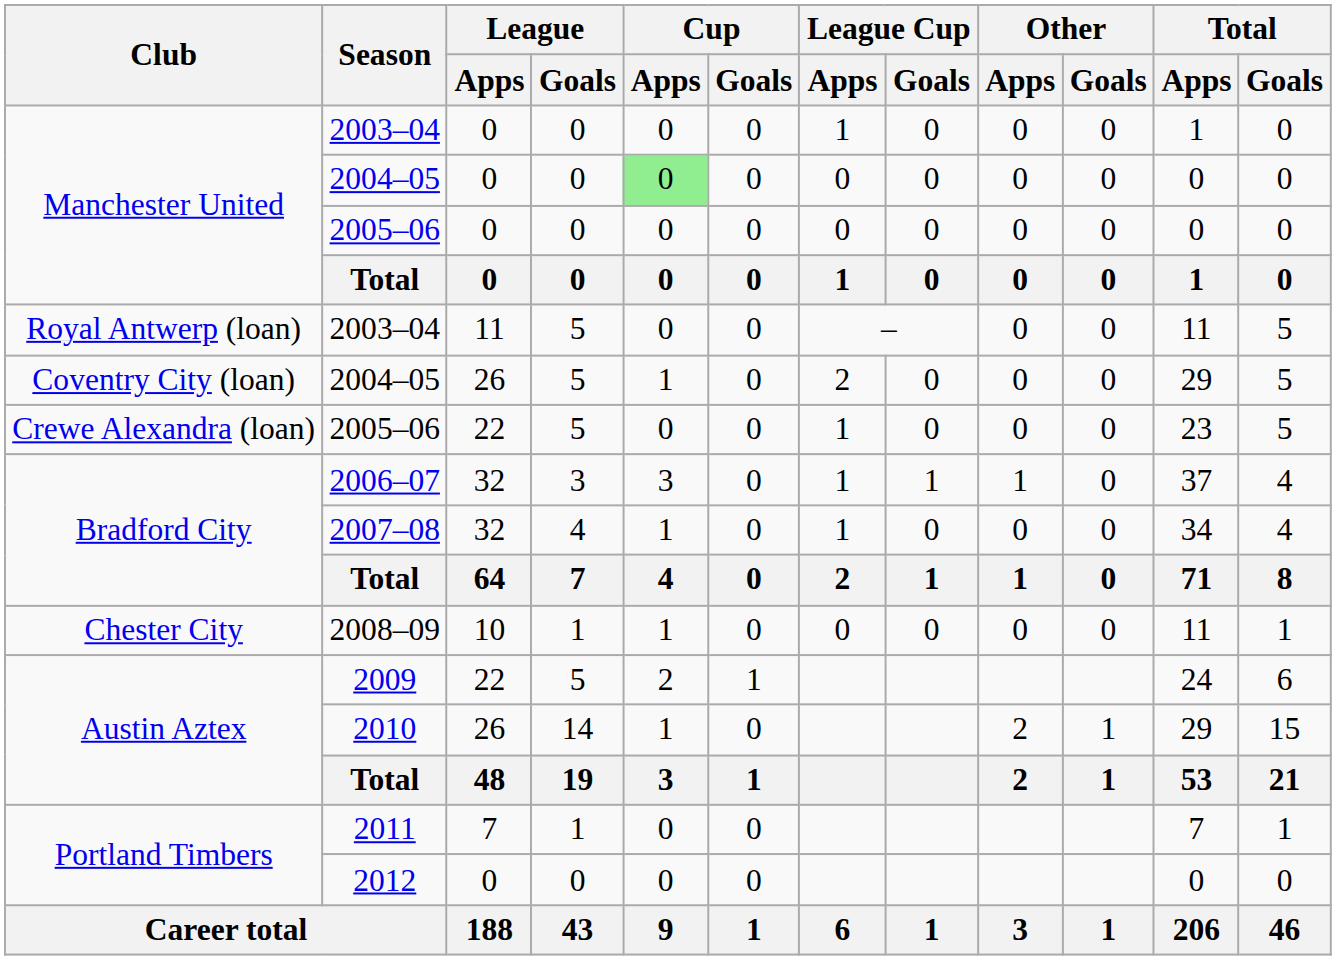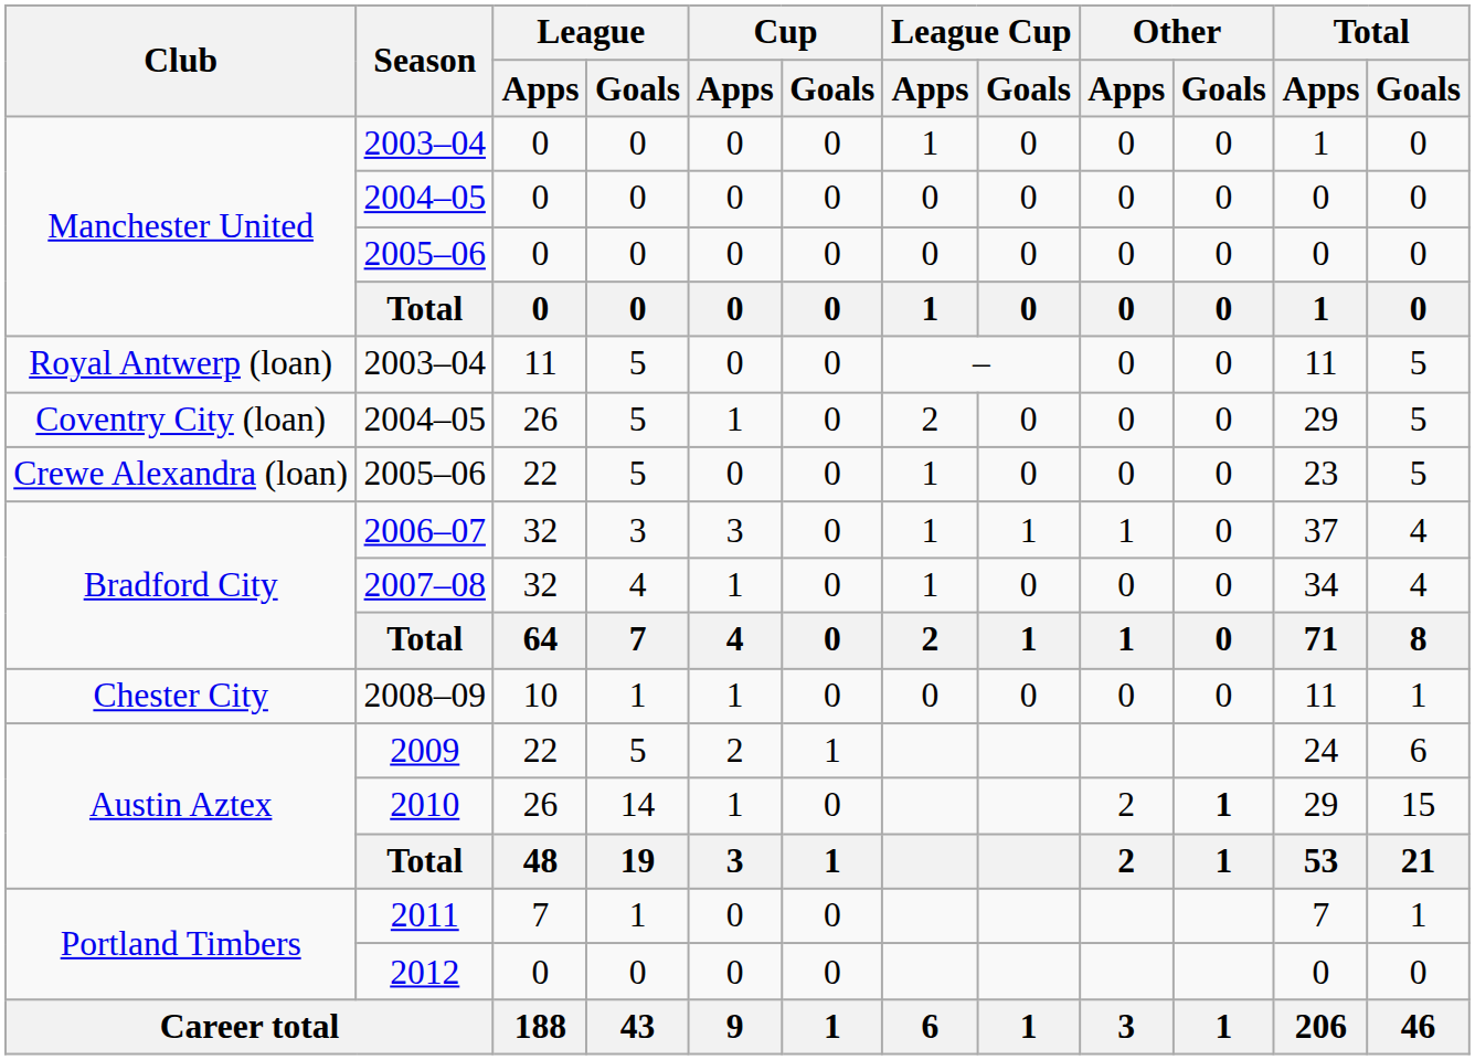 <table class="wikitable" style="text-align:center">
 <tr>
 <th rowspan="2">Club</th>
 <th rowspan="2">Season</th>
 <th colspan="2">League</th>
 <th colspan="2">Cup</th>
 <th colspan="2">League Cup</th>
 <th colspan="2">Other</th>
 <th colspan="2">Total</th>
 </tr>
 <tr>
 <th>Apps</th>
 <th>Goals</th>
 <th>Apps</th>
 <th>Goals</th>
 <th>Apps</th>
 <th>Goals</th>
 <th>Apps</th>
 <th>Goals</th>
 <th>Apps</th>
 <th>Goals</th>
 </tr>
 <tr>
 <td rowspan="4"><a href='#'>Manchester United</a></td>
 <td><a href='#'>2003–04</a></td>
 <td>0</td>
 <td>0</td>
 <td>0</td>
 <td>0</td>
 <td>1</td>
 <td>0</td>
 <td>0</td>
 <td>0</td>
 <td>1</td>
 <td>0</td>
 </tr>
 <tr>
 <td><a href='#'>2004–05</a></td>
 <td>0</td>
 <td>0</td>
-<td style="background: lightgreen;">0</td>
+<td>0</td>
 <td>0</td>
 <td>0</td>
 <td>0</td>
 <td>0</td>
 <td>0</td>
 <td>0</td>
 <td>0</td>
 </tr>
 <tr>
 <td><a href='#'>2005–06</a></td>
 <td>0</td>
 <td>0</td>
 <td>0</td>
 <td>0</td>
 <td>0</td>
 <td>0</td>
 <td>0</td>
 <td>0</td>
 <td>0</td>
 <td>0</td>
 </tr>
 <tr>
 <th>Total</th>
 <th>0</th>
 <th>0</th>
 <th>0</th>
 <th>0</th>
 <th>1</th>
 <th>0</th>
 <th>0</th>
 <th>0</th>
 <th>1</th>
 <th>0</th>
 </tr>
 <tr>
 <td><a href='#'>Royal Antwerp</a> (loan)</td>
 <td>2003–04</td>
 <td>11</td>
 <td>5</td>
 <td>0</td>
 <td>0</td>
 <td colspan="2">–</td>
 <td>0</td>
 <td>0</td>
 <td>11</td>
 <td>5</td>
 </tr>
 <tr>
 <td><a href='#'>Coventry City</a> (loan)</td>
 <td>2004–05</td>
 <td>26</td>
 <td>5</td>
 <td>1</td>
 <td>0</td>
 <td>2</td>
 <td>0</td>
 <td>0</td>
 <td>0</td>
 <td>29</td>
 <td>5</td>
 </tr>
 <tr>
 <td><a href='#'>Crewe Alexandra</a> (loan)</td>
 <td>2005–06</td>
 <td>22</td>
 <td>5</td>
 <td>0</td>
 <td>0</td>
 <td>1</td>
 <td>0</td>
 <td>0</td>
 <td>0</td>
 <td>23</td>
 <td>5</td>
 </tr>
 <tr>
 <td rowspan="3"><a href='#'>Bradford City</a></td>
 <td><a href='#'>2006–07</a></td>
 <td>32</td>
 <td>3</td>
 <td>3</td>
 <td>0</td>
 <td>1</td>
 <td>1</td>
 <td>1</td>
 <td>0</td>
 <td>37</td>
 <td>4</td>
 </tr>
 <tr>
 <td><a href='#'>2007–08</a></td>
 <td>32</td>
 <td>4</td>
 <td>1</td>
 <td>0</td>
 <td>1</td>
 <td>0</td>
 <td>0</td>
 <td>0</td>
 <td>34</td>
 <td>4</td>
 </tr>
 <tr>
 <th>Total</th>
 <th>64</th>
 <th>7</th>
 <th>4</th>
 <th>0</th>
 <th>2</th>
 <th>1</th>
 <th>1</th>
 <th>0</th>
 <th>71</th>
 <th>8</th>
 </tr>
 <tr>
 <td><a href='#'>Chester City</a></td>
 <td>2008–09</td>
 <td>10</td>
 <td>1</td>
 <td>1</td>
 <td>0</td>
 <td>0</td>
 <td>0</td>
 <td>0</td>
 <td>0</td>
 <td>11</td>
 <td>1</td>
 </tr>
 <tr>
 <td rowspan="3"><a href='#'>Austin Aztex</a></td>
 <td><a href='#'>2009</a></td>
 <td>22</td>
 <td>5</td>
 <td>2</td>
 <td>1</td>
 <td></td>
 <td></td>
 <td></td>
 <td></td>
 <td>24</td>
 <td>6</td>
 </tr>
 <tr>
 <td><a href='#'>2010</a></td>
 <td>26</td>
 <td>14</td>
 <td>1</td>
 <td>0</td>
 <td></td>
 <td></td>
 <td>2</td>
-<td>1</td>
+<td><strong>1</strong></td>
 <td>29</td>
 <td>15</td>
 </tr>
 <tr>
 <th>Total</th>
 <th>48</th>
 <th>19</th>
 <th>3</th>
 <th>1</th>
 <th></th>
 <th></th>
 <th>2</th>
 <th>1</th>
 <th>53</th>
 <th>21</th>
 </tr>
 <tr>
 <td rowspan="2"><a href='#'>Portland Timbers</a></td>
 <td><a href='#'>2011</a></td>
 <td>7</td>
 <td>1</td>
 <td>0</td>
 <td>0</td>
 <td></td>
 <td></td>
 <td></td>
 <td></td>
 <td>7</td>
 <td>1</td>
 </tr>
 <tr>
 <td><a href='#'>2012</a></td>
 <td>0</td>
 <td>0</td>
 <td>0</td>
 <td>0</td>
 <td></td>
 <td></td>
 <td></td>
 <td></td>
 <td>0</td>
 <td>0</td>
 </tr>
 <tr>
 <th colspan="2">Career total</th>
 <th>188</th>
 <th>43</th>
 <th>9</th>
 <th>1</th>
 <th>6</th>
 <th>1</th>
 <th>3</th>
 <th>1</th>
 <th>206</th>
 <th>46</th>
 </tr>
 </table>
